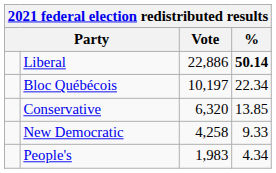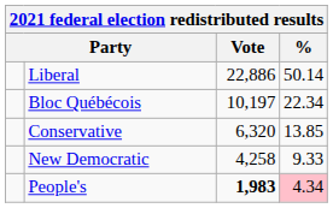 <table class="wikitable">
 <tr>
 <th colspan="4"><a href='#'>2021 federal election</a> redistributed results</th>
 </tr>
 <tr>
 <th bgcolor="#DDDDFF" width="130px" colspan="2">Party</th>
 <th bgcolor="#DDDDFF" width="50px">Vote</th>
 <th bgcolor="#DDDDFF" width="30px">%</th>
 </tr>
 <tr>
 <td> </td>
 <td><a href='#'>Liberal</a></td>
 <td align=right>22,886</td>
-<td align=right><strong>50.14</strong></td>
+<td align=right>50.14</td>
 </tr>
 <tr>
 <td> </td>
 <td><a href='#'>Bloc Québécois</a></td>
 <td align=right>10,197</td>
 <td align=right>22.34</td>
 </tr>
 <tr>
 <td> </td>
 <td><a href='#'>Conservative</a></td>
 <td align=right>6,320</td>
 <td align=right>13.85</td>
 </tr>
 <tr>
 <td> </td>
 <td><a href='#'>New Democratic</a></td>
 <td align=right>4,258</td>
 <td align=right>9.33</td>
 </tr>
 <tr>
 <td> </td>
 <td><a href='#'>People's</a></td>
-<td align=right>1,983</td>
-<td align=right>4.34</td>
+<td align=right><strong>1,983</strong></td>
+<td align=right style="background: pink;">4.34</td>
 </tr>
 </table>
